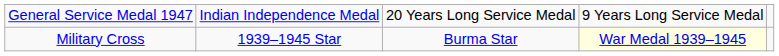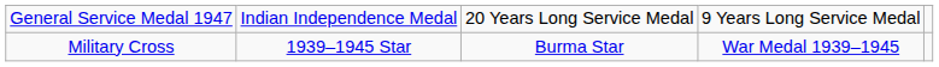 <table class="wikitable" style="margin:1em auto; text-align:center;">
 <tr>
 <td><a href='#'>General Service Medal 1947</a></td>
 <td><a href='#'>Indian Independence Medal</a></td>
 <td>20 Years Long Service Medal</td>
 <td>9 Years Long Service Medal</td>
 <td></td>
 </tr>
 <tr>
 <td><a href='#'>Military Cross</a></td>
 <td><a href='#'>1939–1945 Star</a></td>
 <td><a href='#'>Burma Star</a></td>
-<td style="background: lightyellow;"><a href='#'>War Medal 1939–1945</a></td>
+<td><a href='#'>War Medal 1939–1945</a></td>
 </tr>
 </table>
